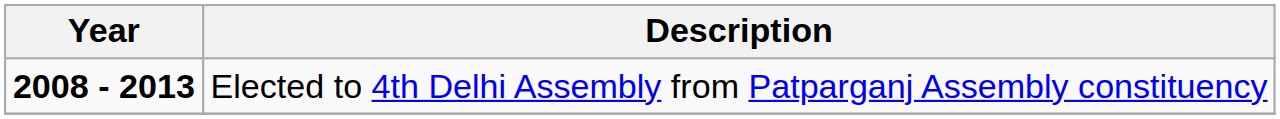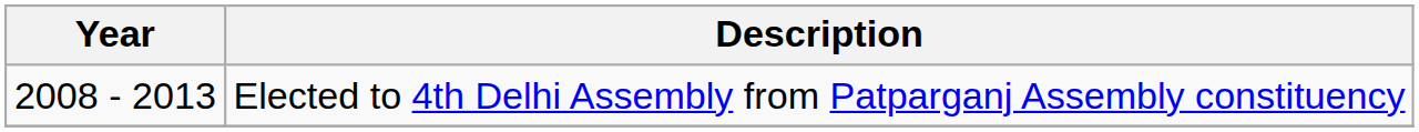 <table class="wikitable">
 <tr>
 <th>Year</th>
 <th>Description</th>
 </tr>
 <tr>
-<td><strong>2008 - 2013</strong></td>
+<td>2008 - 2013</td>
 <td>Elected to <a href='#'>4th Delhi Assembly</a> from <a href='#'>Patparganj Assembly constituency</a></td>
 </tr>
 <tr>
 </tr>
 </table>
